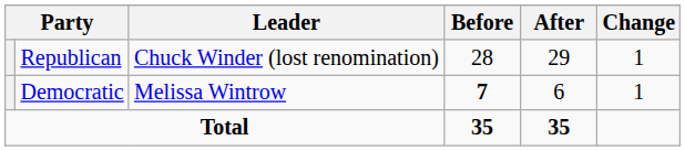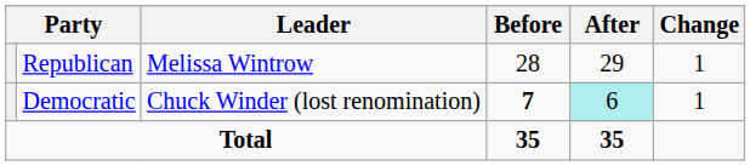 <table class="wikitable" style="text-align:center;">
 <tr>
 </tr>
 <tr>
 <th colspan="2">Party</th>
 <th>Leader</th>
 <th style="width:3em">Before</th>
 <th style="width:3em">After</th>
 <th style="width:3em">Change</th>
 </tr>
 <tr>
 <th style="background-color:"></th>
 <td style="text-align:left;"><a href='#'>Republican</a></td>
-<td style="text-align:left;"><a href='#'>Chuck Winder</a> (lost renomination)</td>
+<td style="text-align:left;"><a href='#'>Melissa Wintrow</a></td>
 <td>28</td>
 <td>29</td>
 <td> 1</td>
 </tr>
 <tr>
 <th style="background-color:"></th>
 <td style="text-align:left;"><a href='#'>Democratic</a></td>
-<td style="text-align:left;"><a href='#'>Melissa Wintrow</a></td>
+<td style="text-align:left;"><a href='#'>Chuck Winder</a> (lost renomination)</td>
 <td><strong>7</strong></td>
-<td>6</td>
+<td style="background: paleturquoise;">6</td>
 <td> 1</td>
 </tr>
 <tr>
 <td colspan="3"><strong>Total</strong></td>
 <td><strong>35</strong></td>
 <td><strong>35</strong></td>
 <td></td>
 </tr>
 </table>
